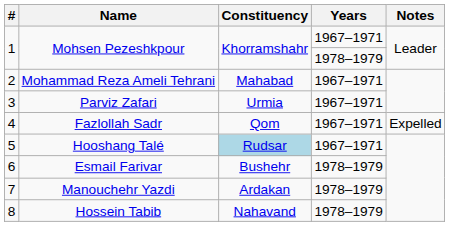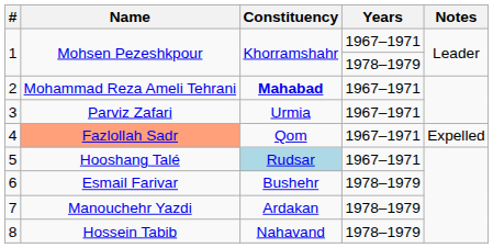 <table class="wikitable" style="font-size:95%;text-align:center;">
 <tr>
 <th>#</th>
 <th>Name</th>
 <th>Constituency</th>
 <th>Years</th>
 <th>Notes</th>
 </tr>
 <tr>
 <td rowspan=2>1</td>
 <td rowspan=2><a href='#'>Mohsen Pezeshkpour</a></td>
 <td rowspan=2><a href='#'>Khorramshahr</a></td>
 <td>1967–1971</td>
 <td rowspan=2>Leader</td>
 </tr>
 <tr>
 <td>1978–1979</td>
 </tr>
 <tr>
 <td>2</td>
 <td><a href='#'>Mohammad Reza Ameli Tehrani</a></td>
-<td><a href='#'>Mahabad</a></td>
+<td><strong><a href='#'>Mahabad</a></strong></td>
 <td>1967–1971</td>
 </tr>
 <tr>
 <td>3</td>
 <td><a href='#'>Parviz Zafari</a></td>
 <td><a href='#'>Urmia</a></td>
 <td>1967–1971</td>
 </tr>
 <tr>
 <td>4</td>
-<td><a href='#'>Fazlollah Sadr</a></td>
+<td style="background: lightsalmon;"><a href='#'>Fazlollah Sadr</a></td>
 <td><a href='#'>Qom</a></td>
 <td>1967–1971</td>
 <td>Expelled</td>
 </tr>
 <tr>
 <td>5</td>
 <td><a href='#'>Hooshang Talé</a></td>
 <td style="background: lightblue;"><a href='#'>Rudsar</a></td>
 <td>1967–1971</td>
 </tr>
 <tr>
 <td>6</td>
 <td><a href='#'>Esmail Farivar</a></td>
 <td><a href='#'>Bushehr</a></td>
 <td>1978–1979</td>
 </tr>
 <tr>
 <td>7</td>
 <td><a href='#'>Manouchehr Yazdi</a></td>
 <td><a href='#'>Ardakan</a></td>
 <td>1978–1979</td>
 </tr>
 <tr>
 <td>8</td>
 <td><a href='#'>Hossein Tabib</a></td>
 <td><a href='#'>Nahavand</a></td>
 <td>1978–1979</td>
 </tr>
 </table>
